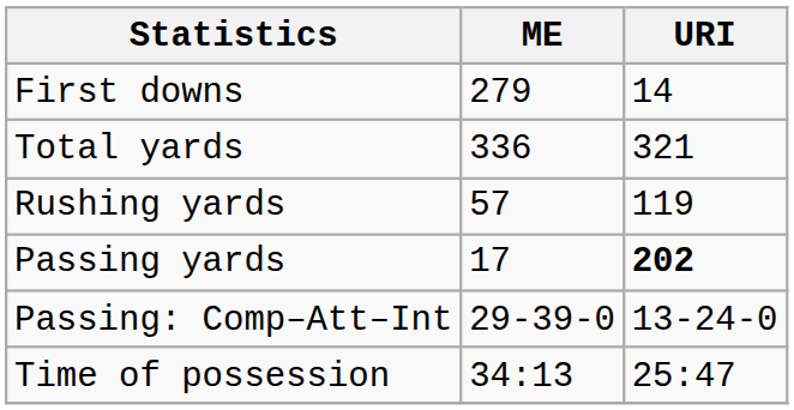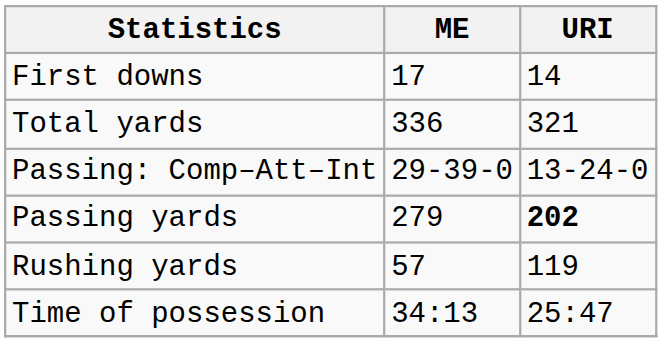 <table class="wikitable" style="float: left;">
 <tr>
 <th>Statistics</th>
 <th>ME</th>
 <th>URI</th>
 </tr>
 <tr>
 <td>First downs</td>
-<td>279</td>
+<td>17</td>
 <td>14</td>
 </tr>
 <tr>
 <td>Total yards</td>
 <td>336</td>
 <td>321</td>
 </tr>
 <tr>
+<td>Passing: Comp–Att–Int</td>
+<td>29-39-0</td>
+<td>13-24-0</td>
+</tr>
+<tr>
+<td>Passing yards</td>
+<td>279</td>
+<td><strong>202</strong></td>
+</tr>
+<tr>
 <td>Rushing yards</td>
 <td>57</td>
 <td>119</td>
-</tr>
-<tr>
-<td>Passing yards</td>
-<td>17</td>
-<td><strong>202</strong></td>
-</tr>
-<tr>
-<td>Passing: Comp–Att–Int</td>
-<td>29-39-0</td>
-<td>13-24-0</td>
 </tr>
 <tr>
 <td>Time of possession</td>
 <td>34:13</td>
 <td>25:47</td>
 </tr>
 <tr>
 </tr>
 </table>
